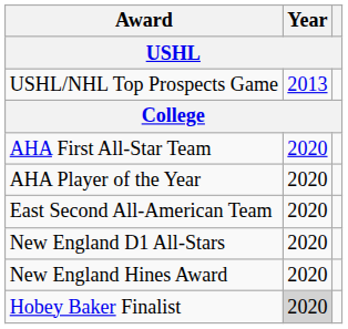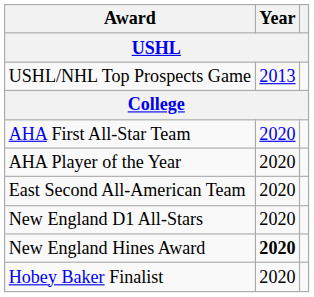 <table class="wikitable">
 <tr>
 <th>Award</th>
 <th>Year</th>
 <th></th>
 </tr>
 <tr ALIGN="center" bgcolor="#e0e0e0">
 <th colspan="3"><a href='#'>USHL</a></th>
 </tr>
 <tr>
 <td>USHL/NHL Top Prospects Game</td>
 <td><a href='#'>2013</a></td>
 <td></td>
 </tr>
 <tr ALIGN="center" bgcolor="#e0e0e0">
 <th colspan="3"><a href='#'>College</a></th>
 </tr>
 <tr>
 <td><a href='#'>AHA</a> First All-Star Team</td>
 <td><a href='#'>2020</a></td>
 <td></td>
 </tr>
 <tr>
 <td>AHA Player of the Year</td>
 <td>2020</td>
 <td></td>
 </tr>
 <tr>
 <td>East Second All-American Team</td>
 <td>2020</td>
 <td></td>
 </tr>
 <tr>
 <td>New England D1 All-Stars</td>
 <td>2020</td>
 <td></td>
 </tr>
 <tr>
 <td>New England Hines Award</td>
-<td>2020</td>
+<td><strong>2020</strong></td>
 <td></td>
 </tr>
 <tr>
 <td><a href='#'>Hobey Baker</a> Finalist</td>
-<td style="background: lightgrey;">2020</td>
+<td>2020</td>
 <td></td>
 </tr>
 </table>
